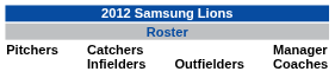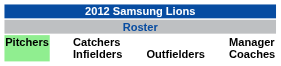 <table class="toccolours" style="font-size:95%;">
 <tr>
 <th colspan="10" style="background:#074CA1; color:#FFFFFF; text-align:center;">2012 Samsung Lions</th>
 </tr>
 <tr>
 <th colspan="10" style="background:#BEC0C2; color:#074CA1; text-align:center;">Roster</th>
 </tr>
 <tr>
-<td valign="top"><strong>Pitchers</strong><br>           </td>
+<td valign="top" style="background: lightgreen;"><strong>Pitchers</strong><br>           </td>
 <td style="width:25px;"></td>
 <td valign="top"><strong>Catchers</strong><br>   <strong>Infielders</strong>      </td>
 <td style="width:25px;"></td>
 <td valign="top"><br><strong>Outfielders</strong>     </td>
 <td style="width:25px;"></td>
 <td valign="top"><strong>Manager</strong><br> <strong>Coaches</strong></td>
 </tr>
 </table>
